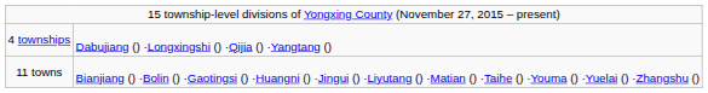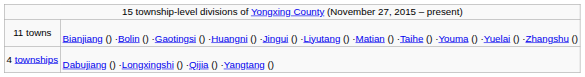 <table class="wikitable">
 <tr>
 <td style="text-align:center;" colspan="2">15 township-level divisions of <a href='#'>Yongxing County</a> (November 27, 2015 – present)</td>
 </tr>
 <tr align=left>
+<td align=center>11 towns</td>
+<td><br><a href='#'>Bianjiang</a> () ·<a href='#'>Bolin</a> () ·<a href='#'>Gaotingsi</a> () ·<a href='#'>Huangni</a> () ·<a href='#'>Jingui</a> () ·<a href='#'>Liyutang</a> () ·<a href='#'>Matian</a> () ·<a href='#'>Taihe</a> () ·<a href='#'>Youma</a> () ·<a href='#'>Yuelai</a> () ·<a href='#'>Zhangshu</a> ()</td>
+</tr>
+<tr align=left>
 <td align=center>4 <a href='#'>townships</a></td>
 <td><br><a href='#'>Dabujiang</a> () ·<a href='#'>Longxingshi</a> () ·<a href='#'>Qijia</a> () ·<a href='#'>Yangtang</a> ()</td>
 </tr>
-<tr align=left>
-<td align=center>11 towns</td>
-<td><br><a href='#'>Bianjiang</a> () ·<a href='#'>Bolin</a> () ·<a href='#'>Gaotingsi</a> () ·<a href='#'>Huangni</a> () ·<a href='#'>Jingui</a> () ·<a href='#'>Liyutang</a> () ·<a href='#'>Matian</a> () ·<a href='#'>Taihe</a> () ·<a href='#'>Youma</a> () ·<a href='#'>Yuelai</a> () ·<a href='#'>Zhangshu</a> ()</td>
-</tr>
 </table>
